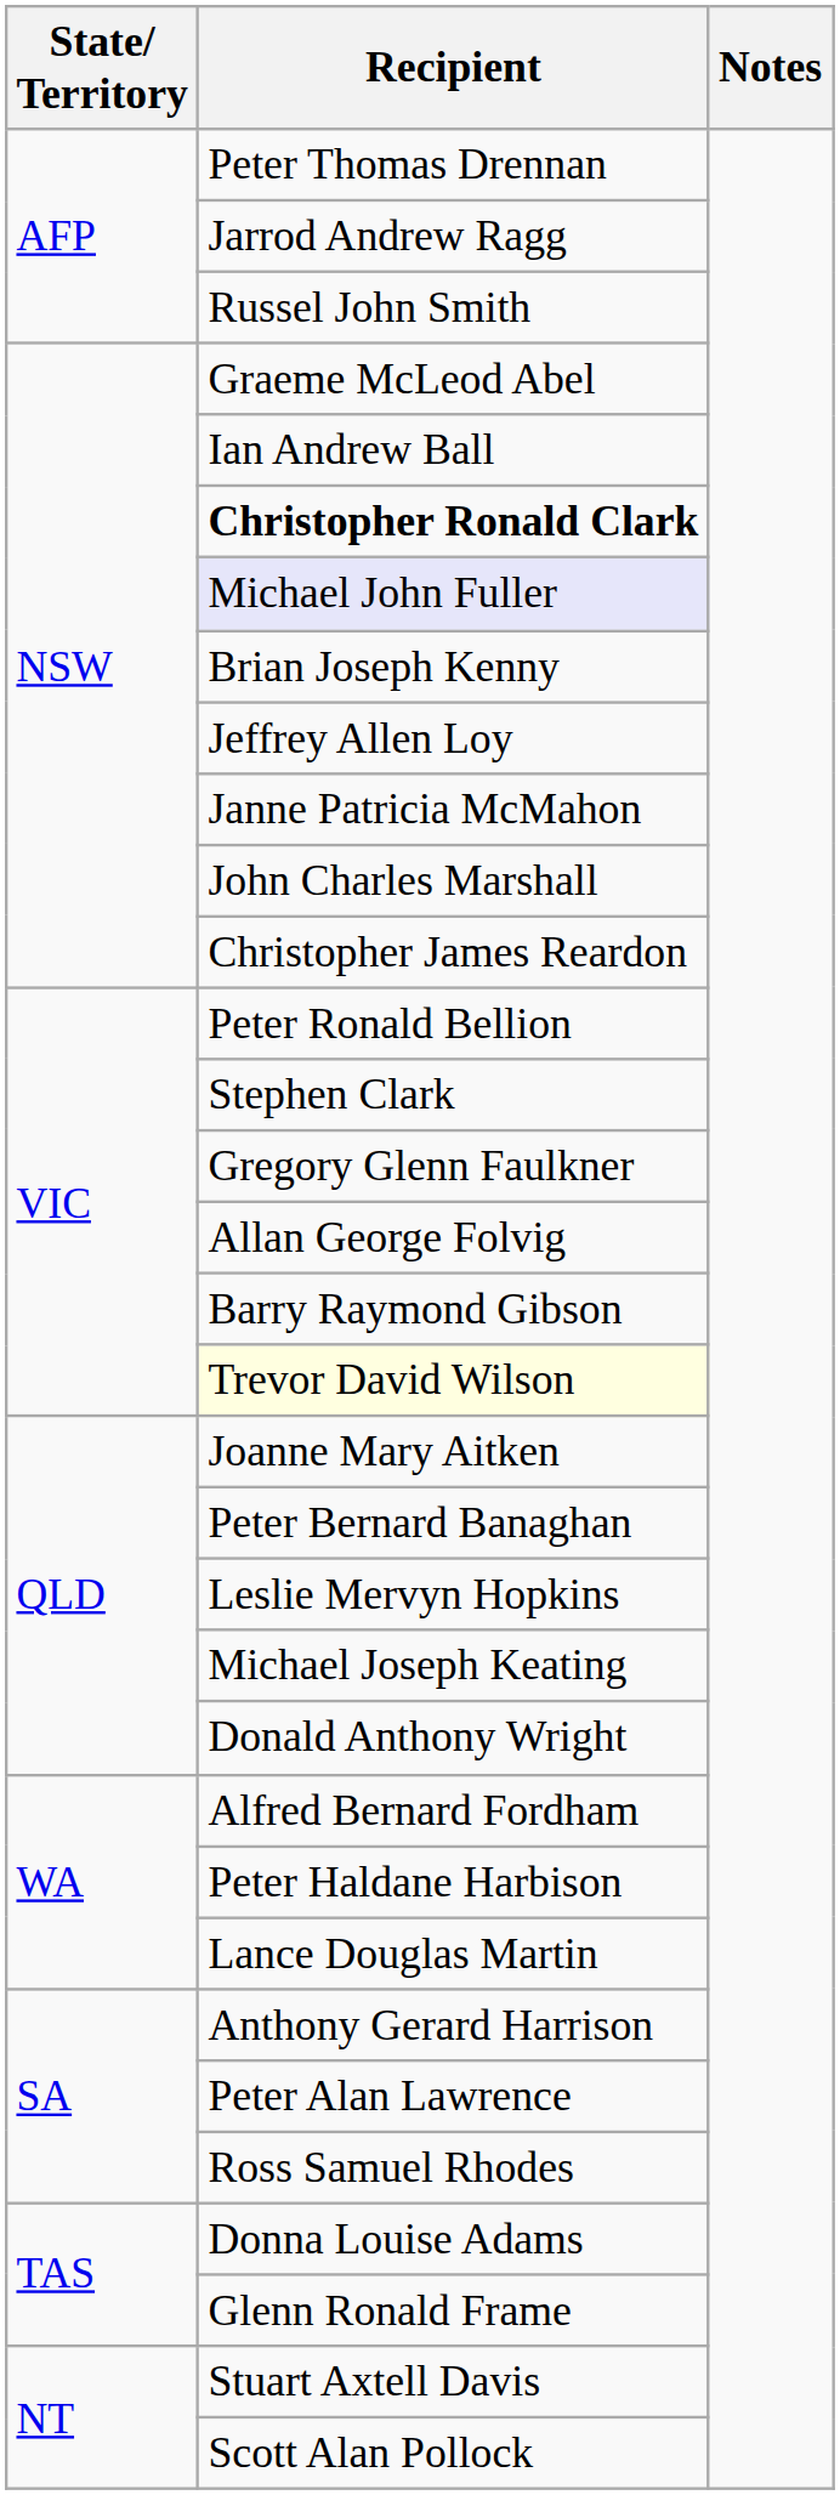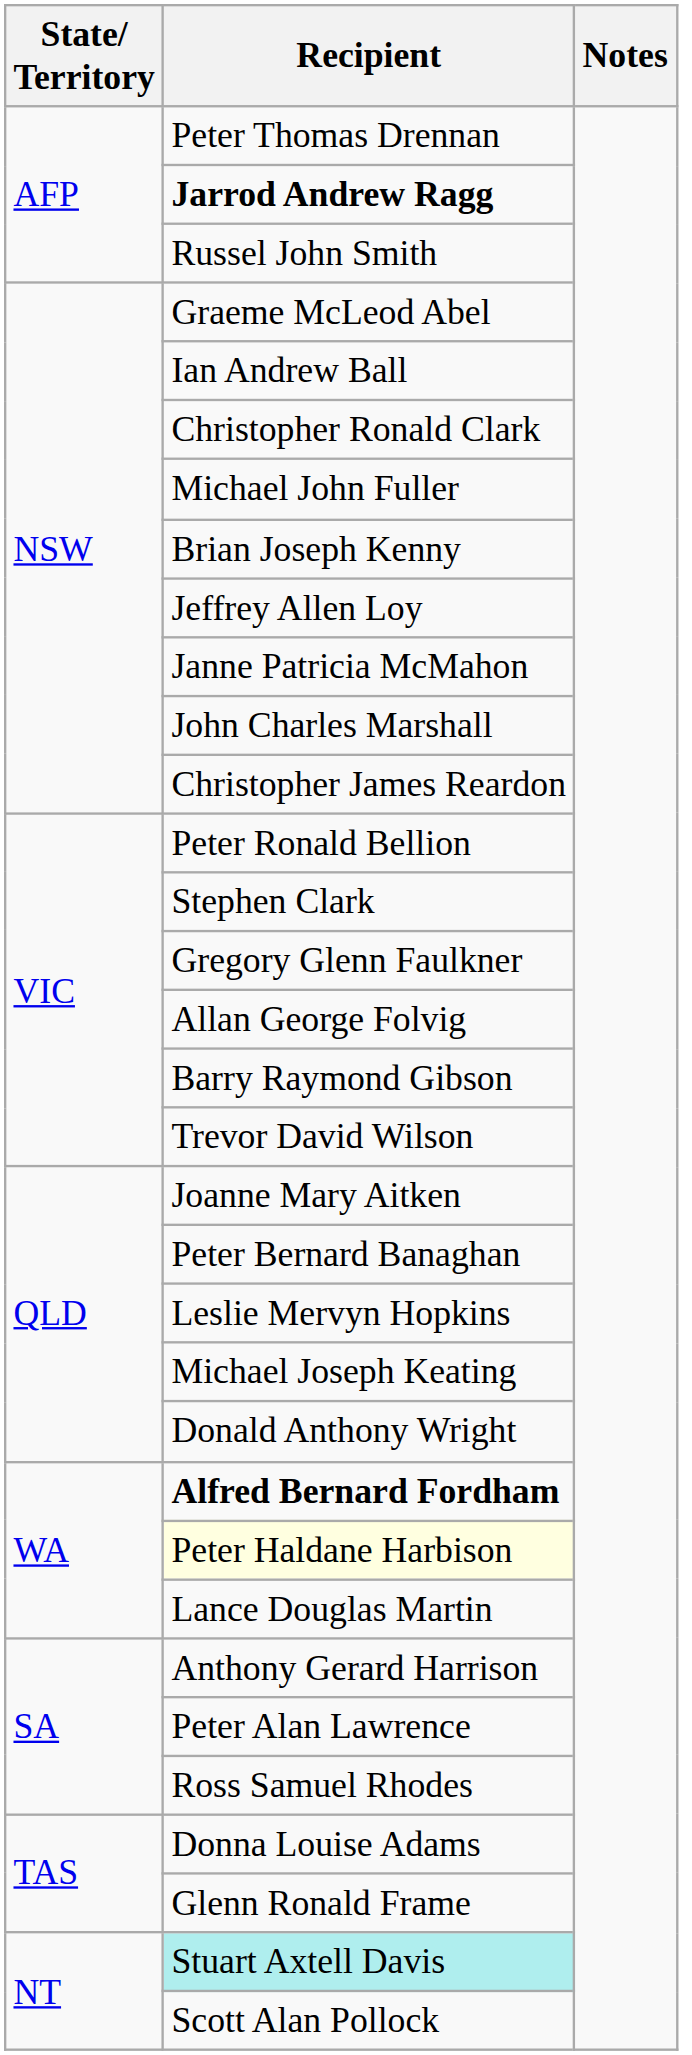 <table class="wikitable" style="font-size:95%;">
 <tr>
 <th>State/<br>Territory</th>
 <th>Recipient</th>
 <th>Notes</th>
 </tr>
 <tr>
 <td rowspan=3><a href='#'>AFP</a></td>
 <td> Peter Thomas Drennan</td>
 <td rowspan=33></td>
 </tr>
 <tr>
-<td> Jarrod Andrew Ragg</td>
+<td><strong> Jarrod Andrew Ragg</strong></td>
 </tr>
 <tr>
 <td> Russel John Smith</td>
 </tr>
 <tr>
 <td rowspan=9><a href='#'>NSW</a></td>
 <td> Graeme McLeod Abel</td>
 </tr>
 <tr>
 <td> Ian Andrew Ball</td>
 </tr>
 <tr>
-<td><strong> Christopher Ronald Clark</strong></td>
+<td> Christopher Ronald Clark</td>
 </tr>
 <tr>
-<td style="background: lavender;"> Michael John Fuller</td>
+<td> Michael John Fuller</td>
 </tr>
 <tr>
 <td> Brian Joseph Kenny</td>
 </tr>
 <tr>
 <td> Jeffrey Allen Loy</td>
 </tr>
 <tr>
 <td> Janne Patricia McMahon</td>
 </tr>
 <tr>
 <td> John Charles Marshall</td>
 </tr>
 <tr>
 <td> Christopher James Reardon</td>
 </tr>
 <tr>
 <td rowspan=6><a href='#'>VIC</a></td>
 <td> Peter Ronald Bellion</td>
 </tr>
 <tr>
 <td> Stephen Clark</td>
 </tr>
 <tr>
 <td> Gregory Glenn Faulkner</td>
 </tr>
 <tr>
 <td> Allan George Folvig</td>
 </tr>
 <tr>
 <td> Barry Raymond Gibson</td>
 </tr>
 <tr>
-<td style="background: lightyellow;"> Trevor David Wilson</td>
+<td> Trevor David Wilson</td>
 </tr>
 <tr>
 <td rowspan=5><a href='#'>QLD</a></td>
 <td> Joanne Mary Aitken</td>
 </tr>
 <tr>
 <td> Peter Bernard Banaghan</td>
 </tr>
 <tr>
 <td> Leslie Mervyn Hopkins</td>
 </tr>
 <tr>
 <td> Michael Joseph Keating</td>
 </tr>
 <tr>
 <td> Donald Anthony Wright</td>
 </tr>
 <tr>
 <td rowspan=3><a href='#'>WA</a></td>
-<td> Alfred Bernard Fordham</td>
+<td><strong> Alfred Bernard Fordham</strong></td>
 </tr>
 <tr>
-<td> Peter Haldane Harbison</td>
+<td style="background: lightyellow;"> Peter Haldane Harbison</td>
 </tr>
 <tr>
 <td> Lance Douglas Martin</td>
 </tr>
 <tr>
 <td rowspan=3><a href='#'>SA</a></td>
 <td> Anthony Gerard Harrison</td>
 </tr>
 <tr>
 <td> Peter Alan Lawrence</td>
 </tr>
 <tr>
 <td> Ross Samuel Rhodes</td>
 </tr>
 <tr>
 <td rowspan=2><a href='#'>TAS</a></td>
 <td> Donna Louise Adams</td>
 </tr>
 <tr>
 <td> Glenn Ronald Frame</td>
 </tr>
 <tr>
 <td rowspan=2><a href='#'>NT</a></td>
-<td> Stuart Axtell Davis</td>
+<td style="background: paleturquoise;"> Stuart Axtell Davis</td>
 </tr>
 <tr>
 <td> Scott Alan Pollock</td>
 </tr>
 </table>
